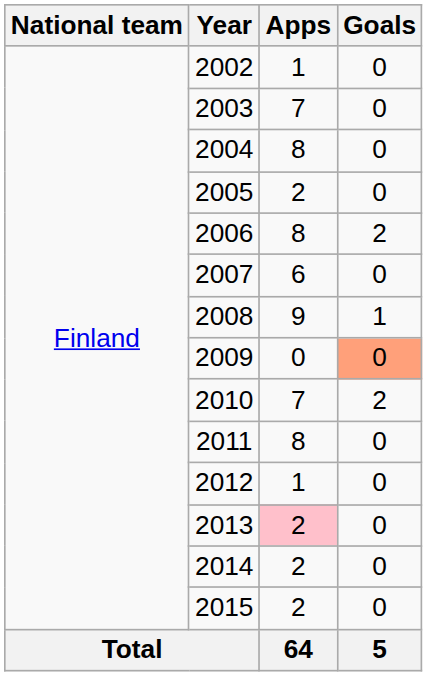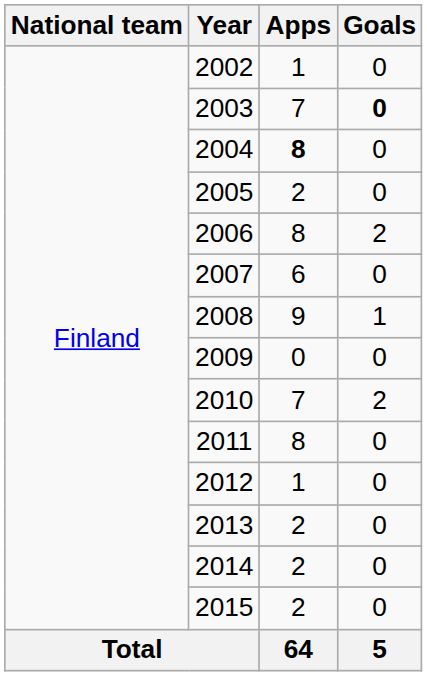 <table class="wikitable" style="text-align:center">
 <tr>
 <th>National team</th>
 <th>Year</th>
 <th>Apps</th>
 <th>Goals</th>
 </tr>
 <tr>
 <td rowspan="14"><a href='#'>Finland</a></td>
 <td>2002</td>
 <td>1</td>
 <td>0</td>
 </tr>
 <tr>
 <td>2003</td>
 <td>7</td>
-<td>0</td>
+<td><strong>0</strong></td>
 </tr>
 <tr>
 <td>2004</td>
-<td>8</td>
+<td><strong>8</strong></td>
 <td>0</td>
 </tr>
 <tr>
 <td>2005</td>
 <td>2</td>
 <td>0</td>
 </tr>
 <tr>
 <td>2006</td>
 <td>8</td>
 <td>2</td>
 </tr>
 <tr>
 <td>2007</td>
 <td>6</td>
 <td>0</td>
 </tr>
 <tr>
 <td>2008</td>
 <td>9</td>
 <td>1</td>
 </tr>
 <tr>
 <td>2009</td>
 <td>0</td>
-<td style="background: lightsalmon;">0</td>
+<td>0</td>
 </tr>
 <tr>
 <td>2010</td>
 <td>7</td>
 <td>2</td>
 </tr>
 <tr>
 <td>2011</td>
 <td>8</td>
 <td>0</td>
 </tr>
 <tr>
 <td>2012</td>
 <td>1</td>
 <td>0</td>
 </tr>
 <tr>
 <td>2013</td>
-<td style="background: pink;">2</td>
+<td>2</td>
 <td>0</td>
 </tr>
 <tr>
 <td>2014</td>
 <td>2</td>
 <td>0</td>
 </tr>
 <tr>
 <td>2015</td>
 <td>2</td>
 <td>0</td>
 </tr>
 <tr>
 <th colspan="2">Total</th>
 <th>64</th>
 <th>5</th>
 </tr>
 </table>
